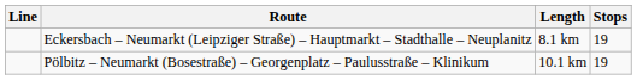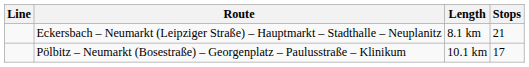 <table class="wikitable">
 <tr>
 <th>Line</th>
 <th>Route</th>
 <th>Length</th>
 <th>Stops</th>
 </tr>
 <tr>
 <td></td>
 <td>Eckersbach – Neumarkt (Leipziger Straße) – Hauptmarkt – Stadthalle – Neuplanitz</td>
 <td>8.1 km</td>
-<td>19</td>
+<td>21</td>
 </tr>
 <tr>
 <td></td>
 <td>Pölbitz – Neumarkt (Bosestraße) – Georgenplatz – Paulusstraße –  Klinikum</td>
 <td>10.1 km</td>
-<td>19</td>
+<td>17</td>
 </tr>
 </table>
